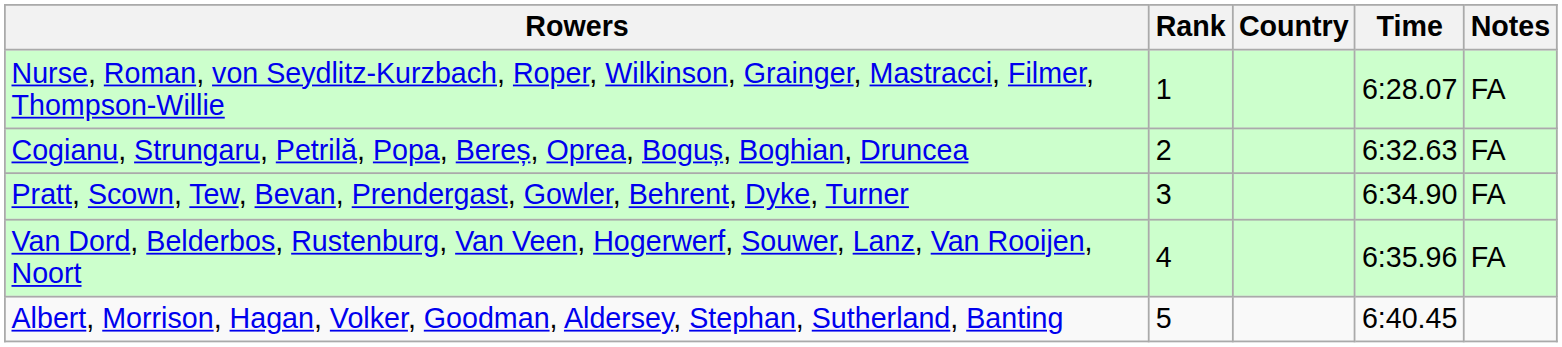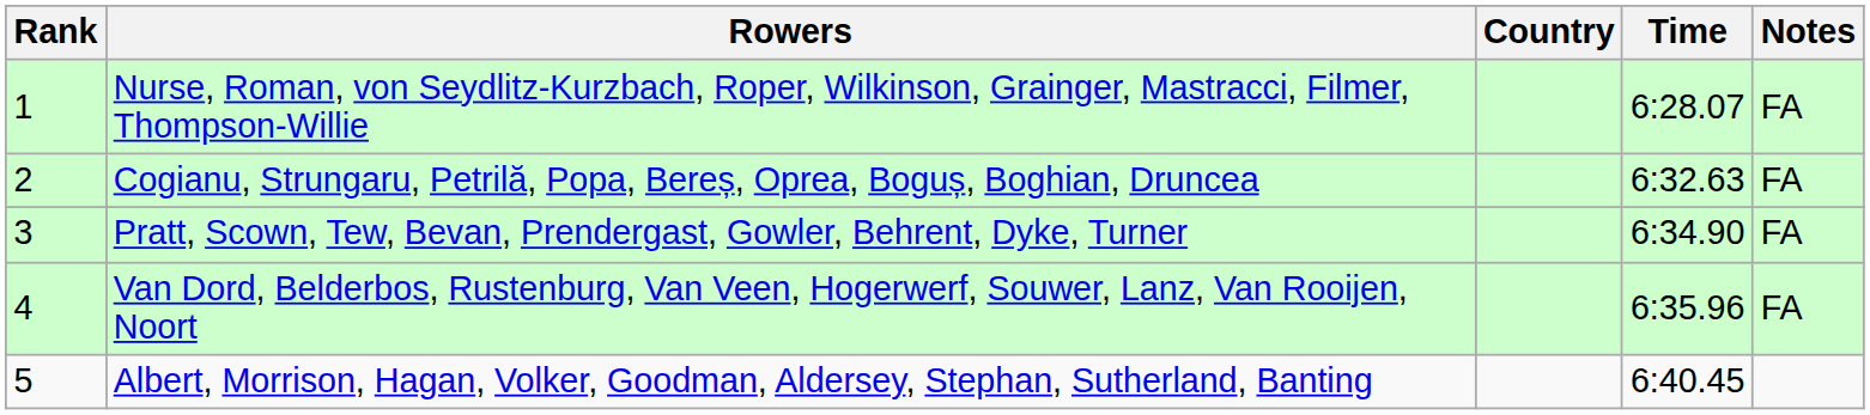 <table class="wikitable">
 <tr>
+<th>Rank</th>
 <th>Rowers</th>
-<th>Rank</th>
 <th>Country</th>
 <th>Time</th>
 <th>Notes</th>
 </tr>
 <tr bgcolor=ccffcc>
+<td>1</td>
 <td><a href='#'>Nurse</a>, <a href='#'>Roman</a>, <a href='#'>von Seydlitz-Kurzbach</a>, <a href='#'>Roper</a>, <a href='#'>Wilkinson</a>, <a href='#'>Grainger</a>, <a href='#'>Mastracci</a>, <a href='#'>Filmer</a>, <a href='#'>Thompson-Willie</a></td>
-<td>1</td>
 <td></td>
 <td>6:28.07</td>
 <td>FA</td>
 </tr>
 <tr bgcolor=ccffcc>
+<td>2</td>
 <td><a href='#'>Cogianu</a>, <a href='#'>Strungaru</a>, <a href='#'>Petrilă</a>, <a href='#'>Popa</a>, <a href='#'>Bereș</a>, <a href='#'>Oprea</a>, <a href='#'>Boguș</a>, <a href='#'>Boghian</a>, <a href='#'>Druncea</a></td>
-<td>2</td>
 <td></td>
 <td>6:32.63</td>
 <td>FA</td>
 </tr>
 <tr bgcolor=ccffcc>
+<td>3</td>
 <td><a href='#'>Pratt</a>, <a href='#'>Scown</a>, <a href='#'>Tew</a>, <a href='#'>Bevan</a>, <a href='#'>Prendergast</a>, <a href='#'>Gowler</a>, <a href='#'>Behrent</a>, <a href='#'>Dyke</a>, <a href='#'>Turner</a></td>
-<td>3</td>
 <td></td>
 <td>6:34.90</td>
 <td>FA</td>
 </tr>
 <tr bgcolor=ccffcc>
+<td>4</td>
 <td><a href='#'>Van Dord</a>, <a href='#'>Belderbos</a>, <a href='#'>Rustenburg</a>, <a href='#'>Van Veen</a>, <a href='#'>Hogerwerf</a>, <a href='#'>Souwer</a>, <a href='#'>Lanz</a>, <a href='#'>Van Rooijen</a>, <a href='#'>Noort</a></td>
-<td>4</td>
 <td></td>
 <td>6:35.96</td>
 <td>FA</td>
 </tr>
 <tr>
+<td>5</td>
 <td><a href='#'>Albert</a>, <a href='#'>Morrison</a>, <a href='#'>Hagan</a>, <a href='#'>Volker</a>, <a href='#'>Goodman</a>, <a href='#'>Aldersey</a>, <a href='#'>Stephan</a>, <a href='#'>Sutherland</a>, <a href='#'>Banting</a></td>
-<td>5</td>
 <td></td>
 <td>6:40.45</td>
 <td></td>
 </tr>
 </table>
